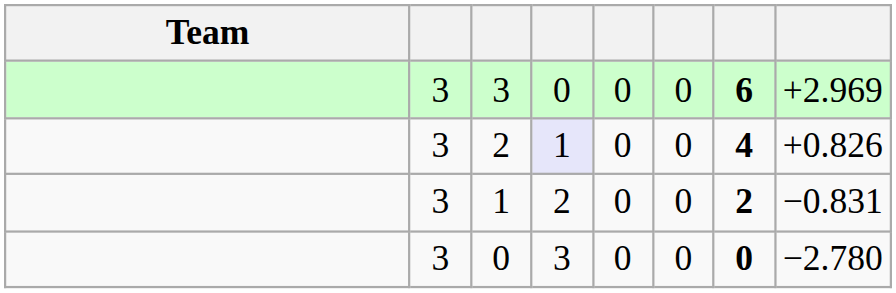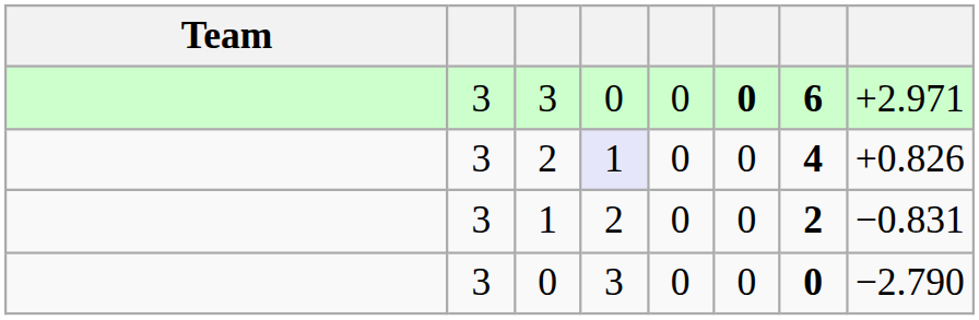 <table class="wikitable" style="text-align:center;">
 <tr>
 <th width=175>Team</th>
 <th style="width:20px;"></th>
 <th style="width:20px;"></th>
 <th style="width:20px;"></th>
 <th style="width:20px;"></th>
 <th style="width:20px;"></th>
 <th style="width:20px;"></th>
 <th style="width:20px;"></th>
 </tr>
 <tr style="background:#cfc">
 <td style="text-align:left;"></td>
 <td>3</td>
 <td>3</td>
 <td>0</td>
 <td>0</td>
-<td>0</td>
+<td><strong>0</strong></td>
 <td><strong>6</strong></td>
-<td>+2.969</td>
+<td>+2.971</td>
 </tr>
 <tr>
 <td style="text-align:left;"></td>
 <td>3</td>
 <td>2</td>
 <td style="background: lavender;">1</td>
 <td>0</td>
 <td>0</td>
 <td><strong>4</strong></td>
 <td>+0.826</td>
 </tr>
 <tr>
 <td style="text-align:left;"></td>
 <td>3</td>
 <td>1</td>
 <td>2</td>
 <td>0</td>
 <td>0</td>
 <td><strong>2</strong></td>
 <td>−0.831</td>
 </tr>
 <tr>
 <td style="text-align:left;"></td>
 <td>3</td>
 <td>0</td>
 <td>3</td>
 <td>0</td>
 <td>0</td>
 <td><strong>0</strong></td>
-<td>−2.780</td>
+<td>−2.790</td>
 </tr>
 </table>
